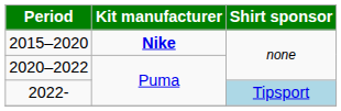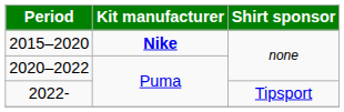 <table class="wikitable" style="text-align:center;margin-left:1em">
 <tr>
 <th style="color:#FFFFFF; background:green;">Period</th>
 <th style="color:#FFFFFF; background:green;">Kit manufacturer</th>
 <th style="color:#FFFFFF; background:green;">Shirt sponsor</th>
 </tr>
 <tr>
 <td>2015–2020</td>
 <td><strong><a href='#'>Nike</a></strong></td>
 <td rowspan="2"><small><em>none</em></small></td>
 </tr>
 <tr>
 <td>2020–2022</td>
 <td rowspan="2"><a href='#'>Puma</a></td>
 </tr>
 <tr>
 <td>2022-</td>
-<td style="background: lightblue;"><a href='#'>Tipsport</a></td>
+<td><a href='#'>Tipsport</a></td>
 </tr>
 <tr>
 </tr>
 </table>
